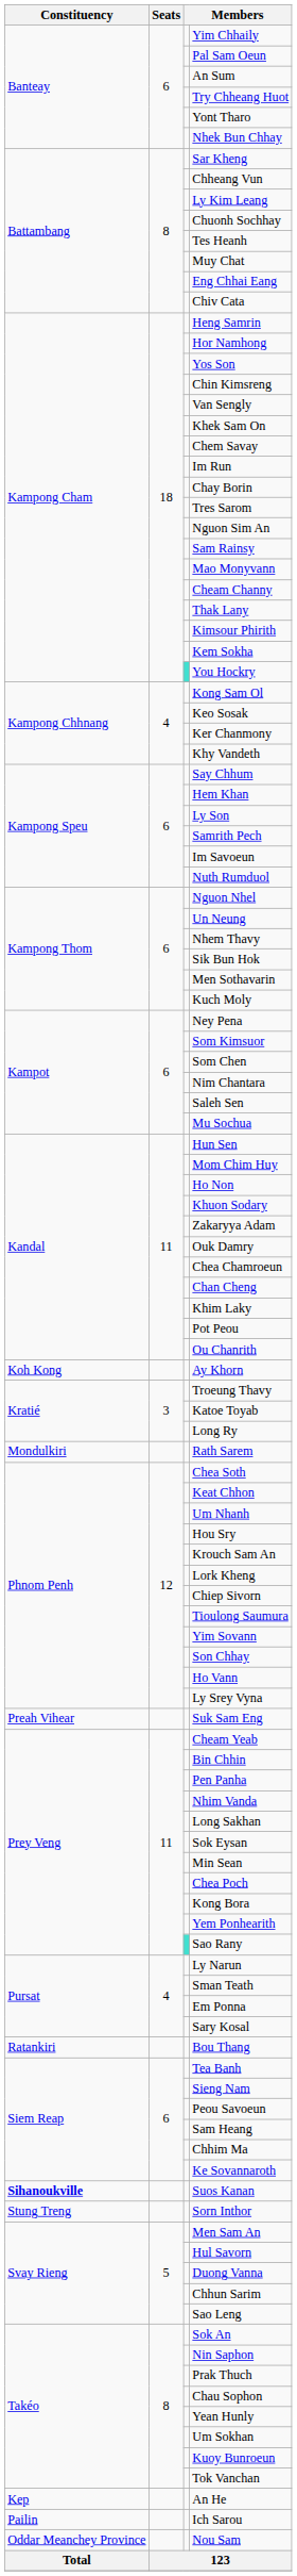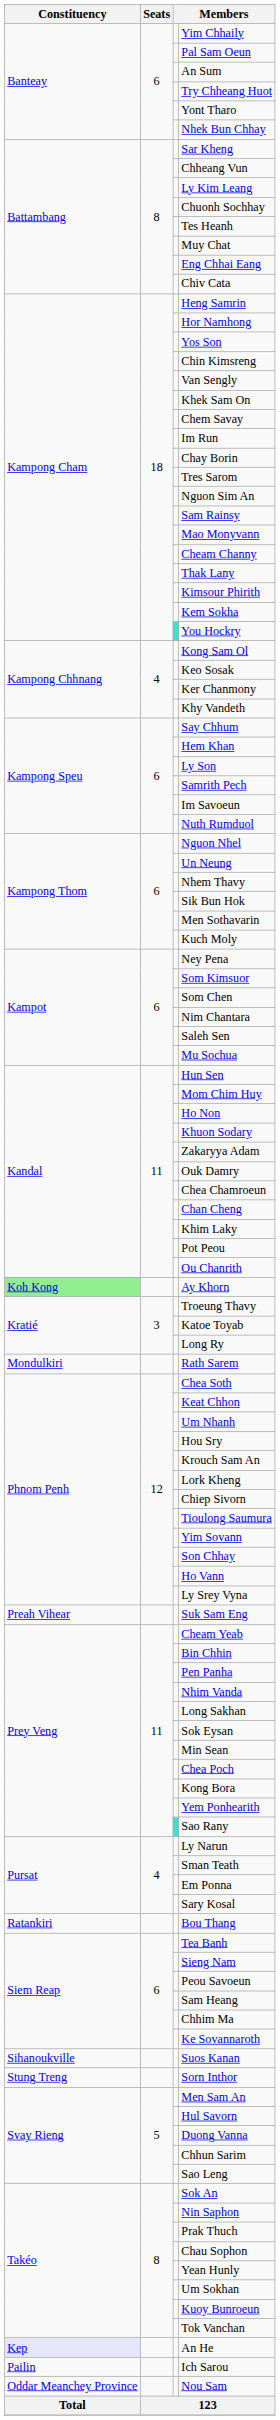 <table class=wikitable>
 <tr>
 <th>Constituency</th>
 <th>Seats</th>
 <th colspan="2">Members</th>
 </tr>
 <tr>
 <td rowspan="6"><a href='#'>Banteay</a></td>
 <td rowspan="6" style="text-align:center">6</td>
 <td style="background-color:"></td>
 <td><a href='#'>Yim Chhaily</a></td>
 </tr>
 <tr>
 <td style="background-color:"></td>
 <td><a href='#'>Pal Sam Oeun</a></td>
 </tr>
 <tr>
 <td style="background-color:"></td>
 <td>An Sum</td>
 </tr>
 <tr>
 <td style="background-color:"></td>
 <td><a href='#'>Try Chheang Huot</a></td>
 </tr>
 <tr>
 <td style="background-color:"></td>
 <td>Yont Tharo</td>
 </tr>
 <tr>
 <td style="background-color:"></td>
 <td><a href='#'>Nhek Bun Chhay</a></td>
 </tr>
 <tr>
 <td rowspan="8"><a href='#'>Battambang</a></td>
 <td rowspan="8" style="text-align:center">8</td>
 <td style="background-color:"></td>
 <td><a href='#'>Sar Kheng</a></td>
 </tr>
 <tr>
 <td style="background-color:"></td>
 <td>Chheang Vun</td>
 </tr>
 <tr>
 <td style="background-color:"></td>
 <td><a href='#'>Ly Kim Leang</a></td>
 </tr>
 <tr>
 <td style="background-color:"></td>
 <td>Chuonh Sochhay</td>
 </tr>
 <tr>
 <td style="background-color:"></td>
 <td>Tes Heanh</td>
 </tr>
 <tr>
 <td style="background-color:"></td>
 <td>Muy Chat</td>
 </tr>
 <tr>
 <td style="background-color:"></td>
 <td><a href='#'>Eng Chhai Eang</a></td>
 </tr>
 <tr>
 <td style="background-color:"></td>
 <td>Chiv Cata</td>
 </tr>
 <tr>
 <td rowspan="18"><a href='#'>Kampong Cham</a></td>
 <td rowspan="18" style="text-align:center">18</td>
 <td style="background-color:"></td>
 <td><a href='#'>Heng Samrin</a></td>
 </tr>
 <tr>
 <td style="background-color:"></td>
 <td><a href='#'>Hor Namhong</a></td>
 </tr>
 <tr>
 <td style="background-color:"></td>
 <td><a href='#'>Yos Son</a></td>
 </tr>
 <tr>
 <td style="background-color:"></td>
 <td>Chin Kimsreng</td>
 </tr>
 <tr>
 <td style="background-color:"></td>
 <td>Van Sengly</td>
 </tr>
 <tr>
 <td style="background-color:"></td>
 <td>Khek Sam On</td>
 </tr>
 <tr>
 <td style="background-color:"></td>
 <td>Chem Savay</td>
 </tr>
 <tr>
 <td style="background-color:"></td>
 <td>Im Run</td>
 </tr>
 <tr>
 <td style="background-color:"></td>
 <td>Chay Borin</td>
 </tr>
 <tr>
 <td style="background-color:"></td>
 <td>Tres Sarom</td>
 </tr>
 <tr>
 <td style="background-color:"></td>
 <td>Nguon Sim An</td>
 </tr>
 <tr>
 <td style="background-color:"></td>
 <td><a href='#'>Sam Rainsy</a></td>
 </tr>
 <tr>
 <td style="background-color:"></td>
 <td><a href='#'>Mao Monyvann</a></td>
 </tr>
 <tr>
 <td style="background-color:"></td>
 <td><a href='#'>Cheam Channy</a></td>
 </tr>
 <tr>
 <td style="background-color:"></td>
 <td><a href='#'>Thak Lany</a></td>
 </tr>
 <tr>
 <td style="background-color:"></td>
 <td><a href='#'>Kimsour Phirith</a></td>
 </tr>
 <tr>
 <td style="background-color:"></td>
 <td><a href='#'>Kem Sokha</a></td>
 </tr>
 <tr>
 <td style="background-color:turquoise"></td>
 <td><a href='#'>You Hockry</a></td>
 </tr>
 <tr>
 <td rowspan="4"><a href='#'>Kampong Chhnang</a></td>
 <td rowspan="4" style="text-align:center">4</td>
 <td style="background-color:"></td>
 <td><a href='#'>Kong Sam Ol</a></td>
 </tr>
 <tr>
 <td style="background-color:"></td>
 <td>Keo Sosak</td>
 </tr>
 <tr>
 <td style="background-color:"></td>
 <td>Ker Chanmony</td>
 </tr>
 <tr>
 <td style="background-color:"></td>
 <td>Khy Vandeth</td>
 </tr>
 <tr>
 <td rowspan="6"><a href='#'>Kampong Speu</a></td>
 <td rowspan="6" style="text-align:center">6</td>
 <td style="background-color:"></td>
 <td><a href='#'>Say Chhum</a></td>
 </tr>
 <tr>
 <td style="background-color:"></td>
 <td><a href='#'>Hem Khan</a></td>
 </tr>
 <tr>
 <td style="background-color:"></td>
 <td><a href='#'>Ly Son</a></td>
 </tr>
 <tr>
 <td style="background-color:"></td>
 <td><a href='#'>Samrith Pech</a></td>
 </tr>
 <tr>
 <td style="background-color:"></td>
 <td>Im Savoeun</td>
 </tr>
 <tr>
 <td style="background-color:"></td>
 <td><a href='#'>Nuth Rumduol</a></td>
 </tr>
 <tr>
 <td rowspan="6"><a href='#'>Kampong Thom</a></td>
 <td rowspan="6" style="text-align:center">6</td>
 <td style="background-color:"></td>
 <td><a href='#'>Nguon Nhel</a></td>
 </tr>
 <tr>
 <td style="background-color:"></td>
 <td><a href='#'>Un Neung</a></td>
 </tr>
 <tr>
 <td style="background-color:"></td>
 <td>Nhem Thavy</td>
 </tr>
 <tr>
 <td style="background-color:"></td>
 <td>Sik Bun Hok</td>
 </tr>
 <tr>
 <td style="background-color:"></td>
 <td>Men Sothavarin</td>
 </tr>
 <tr>
 <td style="background-color:"></td>
 <td>Kuch Moly</td>
 </tr>
 <tr>
 <td rowspan="6"><a href='#'>Kampot</a></td>
 <td rowspan="6" style="text-align:center">6</td>
 <td style="background-color:"></td>
 <td>Ney Pena</td>
 </tr>
 <tr>
 <td style="background-color:"></td>
 <td><a href='#'>Som Kimsuor</a></td>
 </tr>
 <tr>
 <td style="background-color:"></td>
 <td>Som Chen</td>
 </tr>
 <tr>
 <td style="background-color:"></td>
 <td>Nim Chantara</td>
 </tr>
 <tr>
 <td style="background-color:"></td>
 <td>Saleh Sen</td>
 </tr>
 <tr>
 <td style="background-color:"></td>
 <td><a href='#'>Mu Sochua</a></td>
 </tr>
 <tr>
 <td rowspan="11"><a href='#'>Kandal</a></td>
 <td rowspan="11" style="text-align:center">11</td>
 <td style="background-color:"></td>
 <td><a href='#'>Hun Sen</a></td>
 </tr>
 <tr>
 <td style="background-color:"></td>
 <td><a href='#'>Mom Chim Huy</a></td>
 </tr>
 <tr>
 <td style="background-color:"></td>
 <td><a href='#'>Ho Non</a></td>
 </tr>
 <tr>
 <td style="background-color:"></td>
 <td><a href='#'>Khuon Sodary</a></td>
 </tr>
 <tr>
 <td style="background-color:"></td>
 <td>Zakaryya Adam</td>
 </tr>
 <tr>
 <td style="background-color:"></td>
 <td>Ouk Damry</td>
 </tr>
 <tr>
 <td style="background-color:"></td>
 <td>Chea Chamroeun</td>
 </tr>
 <tr>
 <td style="background-color:"></td>
 <td><a href='#'>Chan Cheng</a></td>
 </tr>
 <tr>
 <td style="background-color:"></td>
 <td>Khim Laky</td>
 </tr>
 <tr>
 <td style="background-color:"></td>
 <td>Pot Peou</td>
 </tr>
 <tr>
 <td style="background-color:"></td>
 <td><a href='#'>Ou Chanrith</a></td>
 </tr>
 <tr>
-<td><a href='#'>Koh Kong</a></td>
+<td style="background: lightgreen;"><a href='#'>Koh Kong</a></td>
 <td></td>
 <td style="background-color:"></td>
 <td><a href='#'>Ay Khorn</a></td>
 </tr>
 <tr>
 <td rowspan="3"><a href='#'>Kratié</a></td>
 <td rowspan="3" style="text-align:center">3</td>
 <td style="background-color:"></td>
 <td>Troeung Thavy</td>
 </tr>
 <tr>
 <td style="background-color:"></td>
 <td>Katoe Toyab</td>
 </tr>
 <tr>
 <td style="background-color:"></td>
 <td>Long Ry</td>
 </tr>
 <tr>
 <td><a href='#'>Mondulkiri</a></td>
 <td></td>
 <td style="background-color:"></td>
 <td><a href='#'>Rath Sarem</a></td>
 </tr>
 <tr>
 <td rowspan="12"><a href='#'>Phnom Penh</a></td>
 <td rowspan="12" style="text-align:center">12</td>
 <td style="background-color:"></td>
 <td><a href='#'>Chea Soth</a></td>
 </tr>
 <tr>
 <td style="background-color:"></td>
 <td><a href='#'>Keat Chhon</a></td>
 </tr>
 <tr>
 <td style="background-color:"></td>
 <td><a href='#'>Um Nhanh</a></td>
 </tr>
 <tr>
 <td style="background-color:"></td>
 <td>Hou Sry</td>
 </tr>
 <tr>
 <td style="background-color:"></td>
 <td>Krouch Sam An</td>
 </tr>
 <tr>
 <td style="background-color:"></td>
 <td>Lork Kheng</td>
 </tr>
 <tr>
 <td style="background-color:"></td>
 <td>Chiep Sivorn</td>
 </tr>
 <tr>
 <td style="background-color:"></td>
 <td><a href='#'>Tioulong Saumura</a></td>
 </tr>
 <tr>
 <td style="background-color:"></td>
 <td><a href='#'>Yim Sovann</a></td>
 </tr>
 <tr>
 <td style="background-color:"></td>
 <td><a href='#'>Son Chhay</a></td>
 </tr>
 <tr>
 <td style="background-color:"></td>
 <td><a href='#'>Ho Vann</a></td>
 </tr>
 <tr>
 <td style="background-color:"></td>
 <td>Ly Srey Vyna</td>
 </tr>
 <tr>
 <td><a href='#'>Preah Vihear</a></td>
 <td></td>
 <td style="background-color:"></td>
 <td><a href='#'>Suk Sam Eng</a></td>
 </tr>
 <tr>
 <td rowspan="11"><a href='#'>Prey Veng</a></td>
 <td rowspan="11" style="text-align:center">11</td>
 <td style="background-color:"></td>
 <td><a href='#'>Cheam Yeab</a></td>
 </tr>
 <tr>
 <td style="background-color:"></td>
 <td><a href='#'>Bin Chhin</a></td>
 </tr>
 <tr>
 <td style="background-color:"></td>
 <td><a href='#'>Pen Panha</a></td>
 </tr>
 <tr>
 <td style="background-color:"></td>
 <td><a href='#'>Nhim Vanda</a></td>
 </tr>
 <tr>
 <td style="background-color:"></td>
 <td>Long Sakhan</td>
 </tr>
 <tr>
 <td style="background-color:"></td>
 <td>Sok Eysan</td>
 </tr>
 <tr>
 <td style="background-color:"></td>
 <td>Min Sean</td>
 </tr>
 <tr>
 <td style="background-color:"></td>
 <td><a href='#'>Chea Poch</a></td>
 </tr>
 <tr>
 <td style="background-color:"></td>
 <td>Kong Bora</td>
 </tr>
 <tr>
 <td style="background-color:"></td>
 <td><a href='#'>Yem Ponhearith</a></td>
 </tr>
 <tr>
 <td style="background-color:turquoise"></td>
 <td>Sao Rany</td>
 </tr>
 <tr>
 <td rowspan="4"><a href='#'>Pursat</a></td>
 <td rowspan="4" style="text-align:center">4</td>
 <td style="background-color:"></td>
 <td>Ly Narun</td>
 </tr>
 <tr>
 <td style="background-color:"></td>
 <td>Sman Teath</td>
 </tr>
 <tr>
 <td style="background-color:"></td>
 <td>Em Ponna</td>
 </tr>
 <tr>
 <td style="background-color:"></td>
 <td>Sary Kosal</td>
 </tr>
 <tr>
 <td><a href='#'>Ratankiri</a></td>
 <td></td>
 <td style="background-color:"></td>
 <td><a href='#'>Bou Thang</a></td>
 </tr>
 <tr>
 <td rowspan="6"><a href='#'>Siem Reap</a></td>
 <td rowspan="6" style="text-align:center">6</td>
 <td style="background-color:"></td>
 <td><a href='#'>Tea Banh</a></td>
 </tr>
 <tr>
 <td style="background-color:"></td>
 <td><a href='#'>Sieng Nam</a></td>
 </tr>
 <tr>
 <td style="background-color:"></td>
 <td>Peou Savoeun</td>
 </tr>
 <tr>
 <td style="background-color:"></td>
 <td>Sam Heang</td>
 </tr>
 <tr>
 <td style="background-color:"></td>
 <td>Chhim Ma</td>
 </tr>
 <tr>
 <td style="background-color:"></td>
 <td><a href='#'>Ke Sovannaroth</a></td>
 </tr>
 <tr>
-<td><strong><a href='#'>Sihanoukville</a></strong></td>
+<td><a href='#'>Sihanoukville</a></td>
 <td></td>
 <td style="background-color:"></td>
 <td><a href='#'>Suos Kanan</a></td>
 </tr>
 <tr>
 <td><a href='#'>Stung Treng</a></td>
 <td></td>
 <td style="background-color:"></td>
 <td><a href='#'>Sorn Inthor</a></td>
 </tr>
 <tr>
 <td rowspan="5"><a href='#'>Svay Rieng</a></td>
 <td rowspan="5" style="text-align:center">5</td>
 <td style="background-color:"></td>
 <td><a href='#'>Men Sam An</a></td>
 </tr>
 <tr>
 <td style="background-color:"></td>
 <td><a href='#'>Hul Savorn</a></td>
 </tr>
 <tr>
 <td style="background-color:"></td>
 <td><a href='#'>Duong Vanna</a></td>
 </tr>
 <tr>
 <td style="background-color:"></td>
 <td>Chhun Sarim</td>
 </tr>
 <tr>
 <td style="background-color:"></td>
 <td>Sao Leng</td>
 </tr>
 <tr>
 <td rowspan="8"><a href='#'>Takéo</a></td>
 <td rowspan="8" style="text-align:center">8</td>
 <td style="background-color:"></td>
 <td><a href='#'>Sok An</a></td>
 </tr>
 <tr>
 <td style="background-color:"></td>
 <td><a href='#'>Nin Saphon</a></td>
 </tr>
 <tr>
 <td style="background-color:"></td>
 <td>Prak Thuch</td>
 </tr>
 <tr>
 <td style="background-color:"></td>
 <td>Chau Sophon</td>
 </tr>
 <tr>
 <td style="background-color:"></td>
 <td>Yean Hunly</td>
 </tr>
 <tr>
 <td style="background-color:"></td>
 <td>Um Sokhan</td>
 </tr>
 <tr>
 <td style="background-color:"></td>
 <td><a href='#'>Kuoy Bunroeun</a></td>
 </tr>
 <tr>
 <td style="background-color:"></td>
 <td>Tok Vanchan</td>
 </tr>
 <tr>
-<td><a href='#'>Kep</a></td>
+<td style="background: lavender;"><a href='#'>Kep</a></td>
 <td></td>
 <td style="background-color:"></td>
 <td>An He</td>
 </tr>
 <tr>
 <td><a href='#'>Pailin</a></td>
 <td></td>
 <td style="background-color:"></td>
 <td>Ich Sarou</td>
 </tr>
 <tr>
 <td><a href='#'>Oddar Meanchey Province</a></td>
 <td></td>
 <td style="background-color:"></td>
 <td><a href='#'>Nou Sam</a></td>
 </tr>
 <tr>
 <th>Total</th>
 <th colspan="3">123</th>
 </tr>
 <tr>
 </tr>
 </table>
